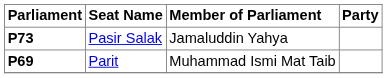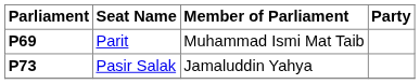 <table class="toccolours sortable" border="1" cellpadding="3" style="border-collapse:collapse; text-align: left;">
 <tr>
 <th align="center">Parliament</th>
 <th>Seat Name</th>
 <th>Member of Parliament</th>
 <th>Party</th>
 </tr>
 <tr>
+<th align="left">P69</th>
+<td><a href='#'>Parit</a></td>
+<td>Muhammad Ismi Mat Taib</td>
+<td></td>
+</tr>
+<tr>
 <th align="left">P73</th>
 <td><a href='#'>Pasir Salak</a></td>
 <td>Jamaluddin Yahya</td>
 <td></td>
 </tr>
 <tr>
-<th align="left">P69</th>
-<td><a href='#'>Parit</a></td>
-<td>Muhammad Ismi Mat Taib</td>
-<td></td>
-</tr>
-<tr>
 </tr>
 </table>
